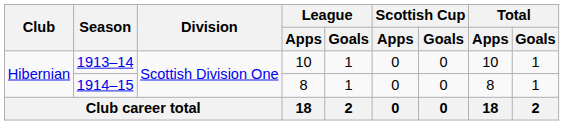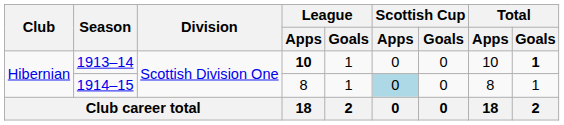 <table class="wikitable" style="text-align:center;">
 <tr>
 <th rowspan="2">Club</th>
 <th rowspan="2">Season</th>
 <th rowspan="2">Division</th>
 <th colspan="2">League</th>
 <th colspan="2">Scottish Cup</th>
 <th colspan="2">Total</th>
 </tr>
 <tr>
 <th>Apps</th>
 <th>Goals</th>
 <th>Apps</th>
 <th>Goals</th>
 <th>Apps</th>
 <th>Goals</th>
 </tr>
 <tr>
 <td rowspan="2"><a href='#'>Hibernian</a></td>
 <td><a href='#'>1913–14</a></td>
 <td rowspan="2"><a href='#'>Scottish Division One</a></td>
-<td>10</td>
+<td><strong>10</strong></td>
 <td>1</td>
 <td>0</td>
 <td>0</td>
 <td>10</td>
-<td>1</td>
+<td><strong>1</strong></td>
 </tr>
 <tr>
 <td><a href='#'>1914–15</a></td>
 <td>8</td>
 <td>1</td>
-<td>0</td>
+<td style="background: lightblue;">0</td>
 <td>0</td>
 <td>8</td>
 <td>1</td>
 </tr>
 <tr>
 <th colspan="3">Club career total</th>
 <th>18</th>
 <th>2</th>
 <th>0</th>
 <th>0</th>
 <th>18</th>
 <th>2</th>
 </tr>
 </table>
